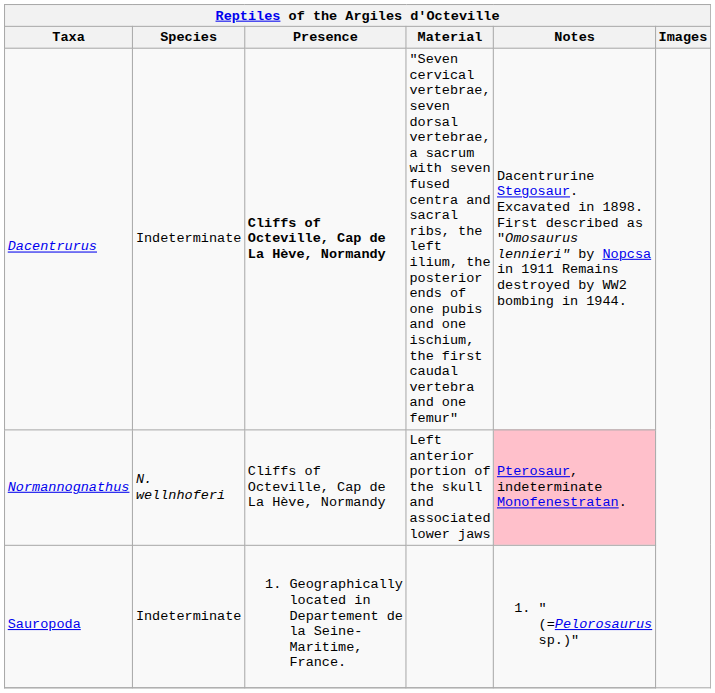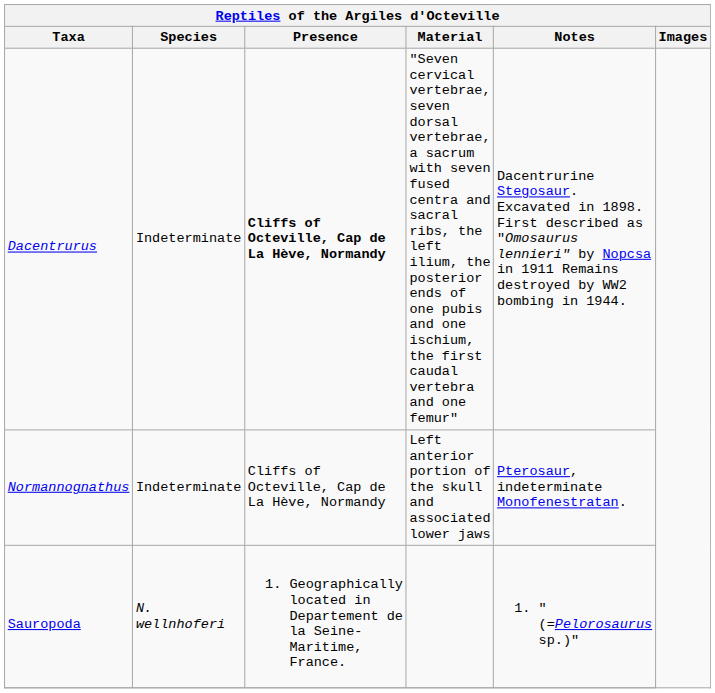 <table class="wikitable" align="center" width="100%">
 <tr>
 <th colspan="7" align="center"><strong><a href='#'>Reptiles</a> of the Argiles d'Octeville</strong></th>
 </tr>
 <tr>
 <th>Taxa</th>
 <th>Species</th>
 <th>Presence</th>
 <th>Material</th>
 <th>Notes</th>
 <th>Images</th>
 </tr>
 <tr>
 <td><br><em><a href='#'>Dacentrurus</a></em></td>
 <td>Indeterminate</td>
 <td><strong>Cliffs of Octeville, Cap de La Hève, Normandy</strong></td>
 <td>"Seven cervical vertebrae, seven dorsal vertebrae, a sacrum with seven fused centra and sacral ribs, the left ilium, the posterior ends of one pubis and one ischium, the first caudal vertebra and one femur"</td>
 <td>Dacentrurine <a href='#'>Stegosaur</a>. Excavated in 1898. First described as "<em>Omosaurus lennieri"</em>  by <a href='#'>Nopcsa</a> in 1911 Remains destroyed by WW2 bombing in 1944.</td>
 <td rowspan="100"></td>
 </tr>
 <tr>
 <td><em><a href='#'>Normannognathus</a></em></td>
-<td><em>N. wellnhoferi</em></td>
+<td>Indeterminate</td>
 <td>Cliffs of Octeville, Cap de La Hève, Normandy</td>
 <td>Left anterior portion of the skull and associated lower jaws</td>
-<td style="background: pink;"><a href='#'>Pterosaur</a>, indeterminate <a href='#'>Monofenestratan</a>.</td>
+<td><a href='#'>Pterosaur</a>, indeterminate <a href='#'>Monofenestratan</a>.</td>
 </tr>
 <tr>
 <td><br><a href='#'>Sauropoda</a></td>
-<td>Indeterminate</td>
+<td><em>N. wellnhoferi</em></td>
 <td><br><ol><li>Geographically located in Departement de la Seine-Maritime, France.</li></ol></td>
 <td></td>
 <td><br><ol><li>"(=<em><a href='#'>Pelorosaurus</a></em> sp.)"</li></ol></td>
 </tr>
 <tr>
 </tr>
 </table>
